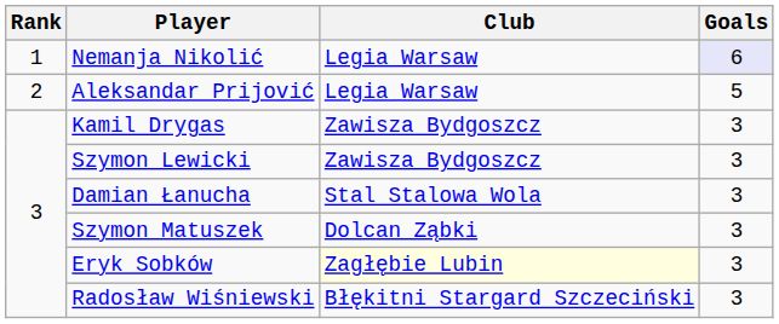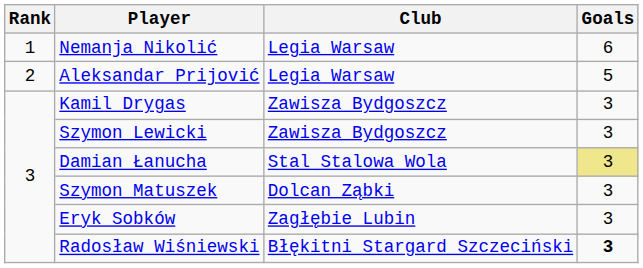 <table class="wikitable" style="text-align:center">
 <tr>
 <th>Rank</th>
 <th>Player</th>
 <th>Club</th>
 <th>Goals</th>
 </tr>
 <tr>
 <td rowspan="1">1</td>
 <td align="left"> <a href='#'>Nemanja Nikolić</a></td>
 <td align="left"><a href='#'>Legia Warsaw</a></td>
-<td style="background: lavender;">6</td>
+<td>6</td>
 </tr>
 <tr>
 <td rowspan="1">2</td>
 <td align="left"> <a href='#'>Aleksandar Prijović</a></td>
 <td align="left"><a href='#'>Legia Warsaw</a></td>
 <td>5</td>
 </tr>
 <tr>
 <td rowspan="6">3</td>
 <td align="left"> <a href='#'>Kamil Drygas</a></td>
 <td align="left"><a href='#'>Zawisza Bydgoszcz</a></td>
 <td>3</td>
 </tr>
 <tr>
 <td align="left"> <a href='#'>Szymon Lewicki</a></td>
 <td align="left"><a href='#'>Zawisza Bydgoszcz</a></td>
 <td>3</td>
 </tr>
 <tr>
 <td align="left"> <a href='#'>Damian Łanucha</a></td>
 <td align="left"><a href='#'>Stal Stalowa Wola</a></td>
-<td>3</td>
+<td style="background: khaki;">3</td>
 </tr>
 <tr>
 <td align="left"> <a href='#'>Szymon Matuszek</a></td>
 <td align="left"><a href='#'>Dolcan Ząbki</a></td>
 <td>3</td>
 </tr>
 <tr>
 <td align="left"> <a href='#'>Eryk Sobków</a></td>
-<td align="left" style="background: lightyellow;"><a href='#'>Zagłębie Lubin</a></td>
+<td align="left"><a href='#'>Zagłębie Lubin</a></td>
 <td>3</td>
 </tr>
 <tr>
 <td align="left"> <a href='#'>Radosław Wiśniewski</a></td>
 <td align="left"><a href='#'>Błękitni Stargard Szczeciński</a></td>
-<td>3</td>
+<td><strong>3</strong></td>
 </tr>
 </table>
